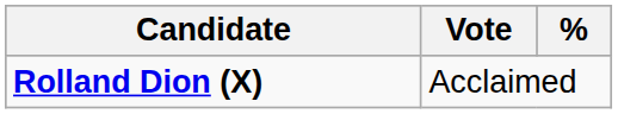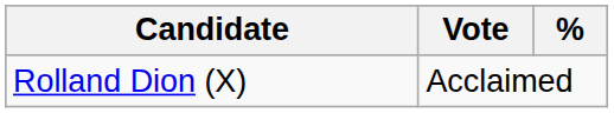 <table class="wikitable">
 <tr>
 <th bgcolor="#DDDDFF" width="200px">Candidate</th>
 <th bgcolor="#DDDDFF" width="50px">Vote</th>
 <th bgcolor="#DDDDFF" width="30px">%</th>
 </tr>
 <tr>
-<td><strong><a href='#'>Rolland Dion</a> (X)</strong></td>
+<td><a href='#'>Rolland Dion</a> (X)</td>
 <td colspan="2">Acclaimed</td>
 </tr>
 </table>
